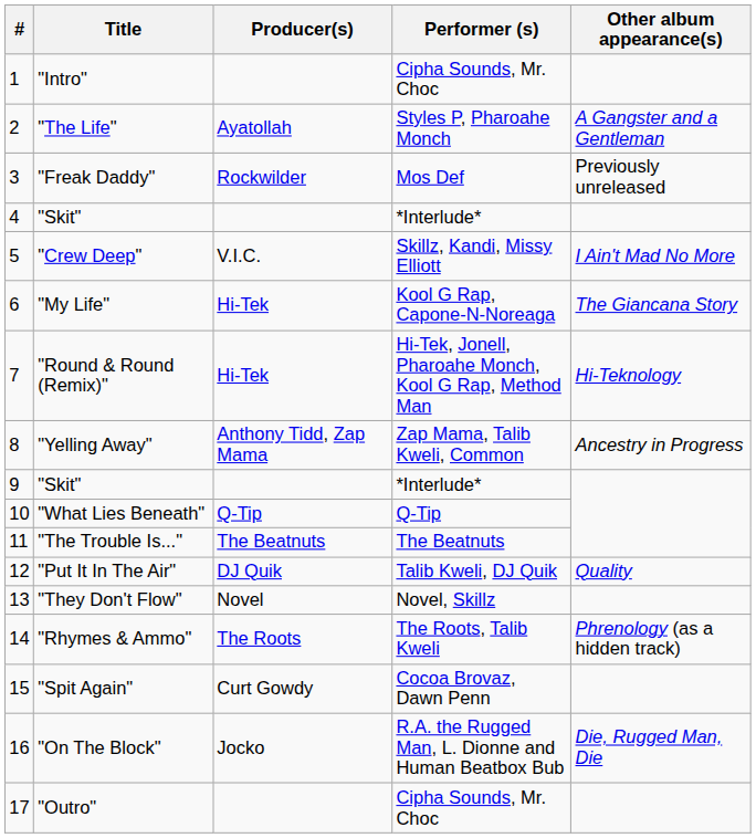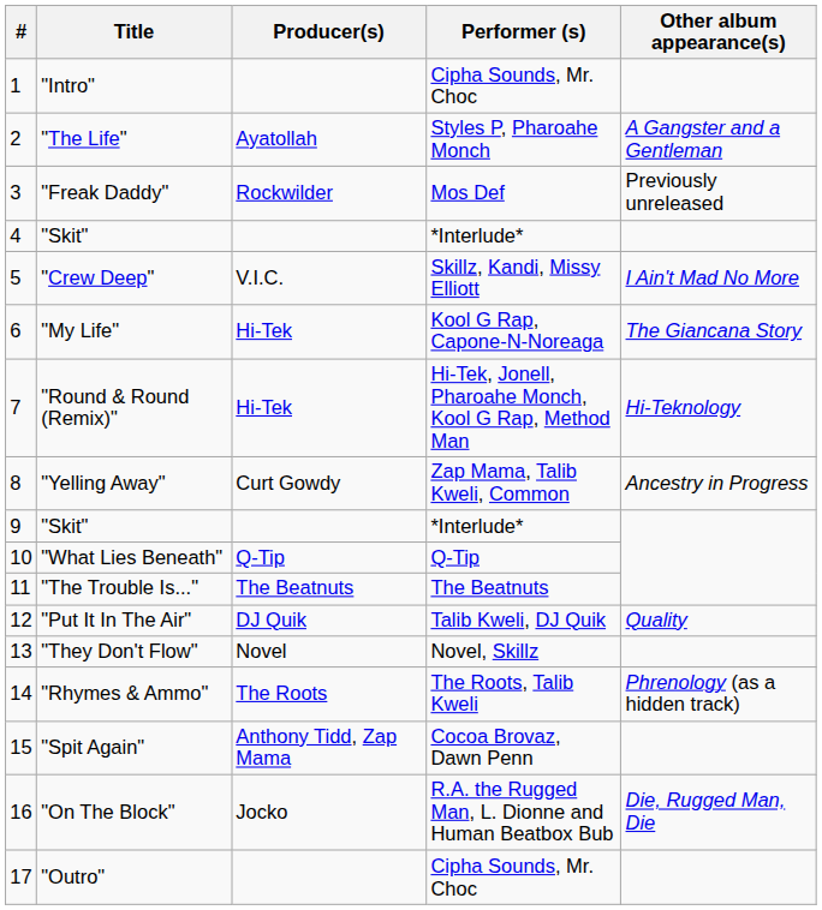 <table class="wikitable">
 <tr>
 <th align="center">#</th>
 <th align="center" width="150">Title</th>
 <th align="center" width="150">Producer(s)</th>
 <th align="center" width="150">Performer (s)</th>
 <th align="center" width="150">Other album appearance(s)</th>
 </tr>
 <tr>
 <td>1</td>
 <td>"Intro"</td>
 <td></td>
 <td><a href='#'>Cipha Sounds</a>, Mr. Choc</td>
 <td></td>
 </tr>
 <tr>
 <td>2</td>
 <td>"<a href='#'>The Life</a>"</td>
 <td><a href='#'>Ayatollah</a></td>
 <td><a href='#'>Styles P</a>, <a href='#'>Pharoahe Monch</a></td>
 <td><em><a href='#'>A Gangster and a Gentleman</a></em></td>
 </tr>
 <tr>
 <td>3</td>
 <td>"Freak Daddy"</td>
 <td><a href='#'>Rockwilder</a></td>
 <td><a href='#'>Mos Def</a></td>
 <td>Previously unreleased</td>
 </tr>
 <tr>
 <td>4</td>
 <td>"Skit"</td>
 <td></td>
 <td>*Interlude*</td>
 <td></td>
 </tr>
 <tr>
 <td>5</td>
 <td>"<a href='#'>Crew Deep</a>"</td>
 <td>V.I.C.</td>
 <td><a href='#'>Skillz</a>, <a href='#'>Kandi</a>, <a href='#'>Missy Elliott</a></td>
 <td><em><a href='#'>I Ain't Mad No More</a></em></td>
 </tr>
 <tr>
 <td>6</td>
 <td>"My Life"</td>
 <td><a href='#'>Hi-Tek</a></td>
 <td><a href='#'>Kool G Rap</a>, <a href='#'>Capone-N-Noreaga</a></td>
 <td><em><a href='#'>The Giancana Story</a></em></td>
 </tr>
 <tr>
 <td>7</td>
 <td>"Round & Round (Remix)"</td>
 <td><a href='#'>Hi-Tek</a></td>
 <td><a href='#'>Hi-Tek</a>, <a href='#'>Jonell</a>, <a href='#'>Pharoahe Monch</a>, <a href='#'>Kool G Rap</a>, <a href='#'>Method Man</a></td>
 <td><em><a href='#'>Hi-Teknology</a></em></td>
 </tr>
 <tr>
 <td>8</td>
 <td>"Yelling Away"</td>
-<td><a href='#'>Anthony Tidd</a>, <a href='#'>Zap Mama</a></td>
+<td>Curt Gowdy</td>
 <td><a href='#'>Zap Mama</a>, <a href='#'>Talib Kweli</a>, <a href='#'>Common</a></td>
 <td><em>Ancestry in Progress</em></td>
 </tr>
 <tr>
 <td>9</td>
 <td>"Skit"</td>
 <td></td>
 <td>*Interlude*</td>
 </tr>
 <tr>
 <td>10</td>
 <td>"What Lies Beneath"</td>
 <td><a href='#'>Q-Tip</a></td>
 <td><a href='#'>Q-Tip</a></td>
 </tr>
 <tr>
 <td>11</td>
 <td>"The Trouble Is..."</td>
 <td><a href='#'>The Beatnuts</a></td>
 <td><a href='#'>The Beatnuts</a></td>
 </tr>
 <tr>
 <td>12</td>
 <td>"Put It In The Air"</td>
 <td><a href='#'>DJ Quik</a></td>
 <td><a href='#'>Talib Kweli</a>, <a href='#'>DJ Quik</a></td>
 <td><em><a href='#'>Quality</a></em></td>
 </tr>
 <tr>
 <td>13</td>
 <td>"They Don't Flow"</td>
 <td>Novel</td>
 <td>Novel, <a href='#'>Skillz</a></td>
 </tr>
 <tr>
 <td>14</td>
 <td>"Rhymes & Ammo"</td>
 <td><a href='#'>The Roots</a></td>
 <td><a href='#'>The Roots</a>, <a href='#'>Talib Kweli</a></td>
 <td><em><a href='#'>Phrenology</a></em> (as a hidden track)</td>
 </tr>
 <tr>
 <td>15</td>
 <td>"Spit Again"</td>
-<td>Curt Gowdy</td>
+<td><a href='#'>Anthony Tidd</a>, <a href='#'>Zap Mama</a></td>
 <td><a href='#'>Cocoa Brovaz</a>, Dawn Penn</td>
 </tr>
 <tr>
 <td>16</td>
 <td>"On The Block"</td>
 <td>Jocko</td>
 <td><a href='#'>R.A. the Rugged Man</a>, L. Dionne and Human Beatbox Bub</td>
 <td><em><a href='#'>Die, Rugged Man, Die</a></em></td>
 </tr>
 <tr>
 <td>17</td>
 <td>"Outro"</td>
 <td></td>
 <td><a href='#'>Cipha Sounds</a>, Mr. Choc</td>
 </tr>
 </table>
